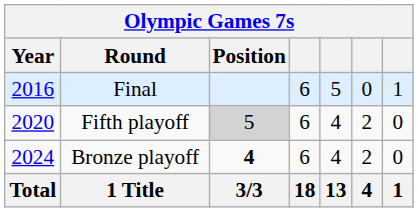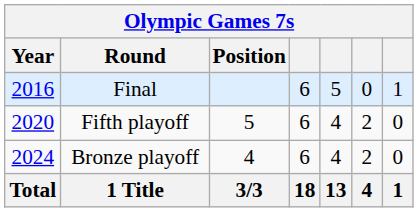 <table class="wikitable" style="text-align: center;">
 <tr>
 <th colspan=10><a href='#'>Olympic Games 7s</a></th>
 </tr>
 <tr>
 <th>Year</th>
 <th style="width:6.5em;">Round</th>
 <th style="padding:2px;">Position</th>
 <th style="width:1em;"></th>
 <th style="width:1em;"></th>
 <th style="width:1em;"></th>
 <th style="width:1em;"></th>
 </tr>
 <tr bgcolor=#def>
 <td> <a href='#'>2016</a></td>
 <td>Final</td>
 <td></td>
 <td>6</td>
 <td>5</td>
 <td>0</td>
 <td>1</td>
 </tr>
 <tr>
 <td> <a href='#'>2020</a></td>
 <td>Fifth playoff</td>
-<td style="background: lightgrey;">5</td>
+<td>5</td>
 <td>6</td>
 <td>4</td>
 <td>2</td>
 <td>0</td>
 </tr>
 <tr>
 <td> <a href='#'>2024</a></td>
 <td>Bronze playoff</td>
-<td><strong>4</strong></td>
+<td>4</td>
 <td>6</td>
 <td>4</td>
 <td>2</td>
 <td>0</td>
 </tr>
 <tr>
 <th>Total</th>
 <th>1 Title</th>
 <th>3/3</th>
 <th>18</th>
 <th>13</th>
 <th>4</th>
 <th>1</th>
 </tr>
 </table>
